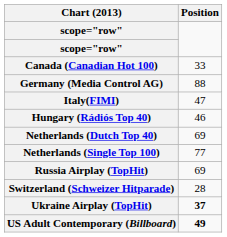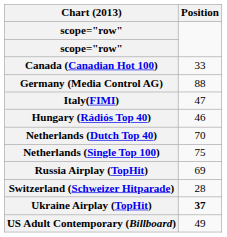 <table class="wikitable sortable plainrowheaders" style="text-align:center">
 <tr>
 <th>Chart (2013)</th>
 <th>Position</th>
 </tr>
 <tr>
 <th>scope="row" </th>
 </tr>
 <tr>
 <th>scope="row" </th>
 </tr>
 <tr>
 <th scope="row">Canada (<a href='#'>Canadian Hot 100</a>)</th>
 <td align="center">33</td>
 </tr>
 <tr>
 <th scope="row">Germany (Media Control AG)</th>
 <td style="text-align:center;">88</td>
 </tr>
 <tr>
 <th scope="row">Italy(<a href='#'>FIMI</a>)</th>
 <td style="text-align:center;">47</td>
 </tr>
 <tr>
 <th scope="row">Hungary (<a href='#'>Rádiós Top 40</a>)</th>
 <td align="center">46</td>
 </tr>
 <tr>
 <th scope="row">Netherlands (<a href='#'>Dutch Top 40</a>)</th>
-<td style="text-align:center;">69</td>
+<td style="text-align:center;">70</td>
 </tr>
 <tr>
 <th scope="row">Netherlands (<a href='#'>Single Top 100</a>)</th>
-<td style="text-align:center;">77</td>
+<td style="text-align:center;">75</td>
 </tr>
 <tr>
 <th scope="row">Russia Airplay (<a href='#'>TopHit</a>)</th>
 <td style="text-align:center;">69</td>
 </tr>
 <tr>
 <th scope="row">Switzerland (<a href='#'>Schweizer Hitparade</a>)</th>
 <td style="text-align:center;">28</td>
 </tr>
 <tr>
 <th scope="row">Ukraine Airplay (<a href='#'>TopHit</a>)</th>
 <td style="text-align:center;"><strong>37</strong></td>
 </tr>
 <tr>
 <th scope="row">US Adult Contemporary (<em>Billboard</em>)</th>
-<td align="center"><strong>49</strong></td>
+<td align="center">49</td>
 </tr>
 </table>
